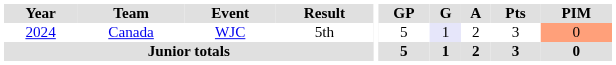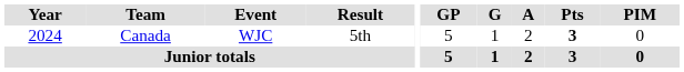 <table border="0" cellpadding="1" cellspacing="0" ID="Table3" style="text-align:center; width:40em;">
 <tr bgcolor="#e0e0e0">
 <th>Year</th>
 <th>Team</th>
 <th>Event</th>
 <th>Result</th>
 <th rowspan="99" bgcolor="#ffffff"></th>
 <th>GP</th>
 <th>G</th>
 <th>A</th>
 <th>Pts</th>
 <th>PIM</th>
 </tr>
 <tr>
 <td><a href='#'>2024</a></td>
 <td><a href='#'>Canada</a></td>
 <td><a href='#'>WJC</a></td>
 <td>5th</td>
 <td>5</td>
-<td style="background: lavender;">1</td>
+<td>1</td>
 <td>2</td>
-<td>3</td>
-<td style="background: lightsalmon;">0</td>
+<td><strong>3</strong></td>
+<td>0</td>
 </tr>
 <tr bgcolor="#e0e0e0">
 <th colspan="4">Junior totals</th>
 <th>5</th>
 <th>1</th>
 <th>2</th>
 <th>3</th>
 <th>0</th>
 </tr>
 </table>
